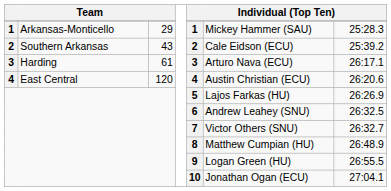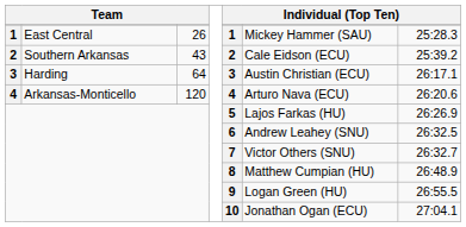 <table class="wikitable">
 <tr>
 <th colspan=3>Team</th>
 <td rowspan=12 width=10 bgcolor=#ffffff></td>
 <th colspan=3>Individual (Top Ten)</th>
 </tr>
 <tr height=0>
 <td style="padding:0" width=20></td>
 <td style="padding:0" width=200></td>
 <td style="padding:0" width=40></td>
 <td style="padding:0" width=20></td>
 <td style="padding:0" width=200></td>
 <td style="padding:0" width=80></td>
 </tr>
 <tr>
 <th>1</th>
-<td>Arkansas-Monticello</td>
-<td align=right>29</td>
+<td>East Central</td>
+<td align=right>26</td>
 <th>1</th>
 <td>Mickey Hammer (SAU)</td>
 <td align=right>25:28.3</td>
 </tr>
 <tr>
 <th>2</th>
 <td>Southern Arkansas</td>
 <td align=right>43</td>
 <th>2</th>
 <td>Cale Eidson (ECU)</td>
 <td align=right>25:39.2</td>
 </tr>
 <tr>
 <th>3</th>
 <td>Harding</td>
-<td align=right>61</td>
+<td align=right>64</td>
 <th>3</th>
-<td>Arturo Nava (ECU)</td>
+<td>Austin Christian (ECU)</td>
 <td align=right>26:17.1</td>
 </tr>
 <tr>
 <th>4</th>
-<td>East Central</td>
+<td>Arkansas-Monticello</td>
 <td align=right>120</td>
 <th>4</th>
-<td>Austin Christian (ECU)</td>
+<td>Arturo Nava (ECU)</td>
 <td align=right>26:20.6</td>
 </tr>
 <tr>
 <td rowspan=6 colspan=3></td>
 <th>5</th>
 <td>Lajos Farkas (HU)</td>
 <td align=right>26:26.9</td>
 </tr>
 <tr>
 <th>6</th>
 <td>Andrew Leahey (SNU)</td>
 <td align=right>26:32.5</td>
 </tr>
 <tr>
 <th>7</th>
 <td>Victor Others (SNU)</td>
 <td align=right>26:32.7</td>
 </tr>
 <tr>
 <th>8</th>
 <td>Matthew Cumpian (HU)</td>
 <td align=right>26:48.9</td>
 </tr>
 <tr>
 <th>9</th>
 <td>Logan Green (HU)</td>
 <td align=right>26:55.5</td>
 </tr>
 <tr>
 <th>10</th>
 <td>Jonathan Ogan (ECU)</td>
 <td align=right>27:04.1</td>
 </tr>
 </table>
